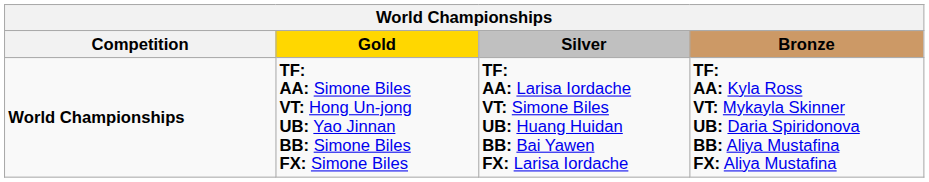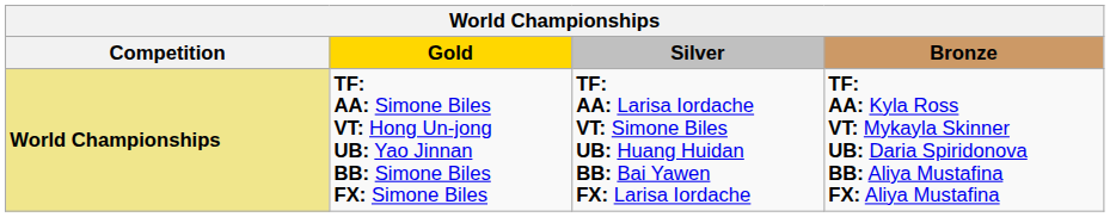 <table class="wikitable" style="width:70%;">
 <tr>
 <th colspan=4>World Championships</th>
 </tr>
 <tr>
 <th style="text-align:center; width:5%;">Competition</th>
 <td style="text-align:center; width:5%; background:gold;"><strong>Gold</strong></td>
 <td style="text-align:center; width:5%; background:silver;"><strong>Silver</strong></td>
 <td style="text-align:center; width:5%; background:#c96;"><strong>Bronze</strong></td>
 </tr>
 <tr>
-<td><strong>World Championships</strong></td>
+<td style="background: khaki;"><strong>World Championships</strong></td>
 <td><strong>TF:</strong>  <br> <strong>AA:</strong>  <a href='#'>Simone Biles</a> <br> <strong>VT:</strong>  <a href='#'>Hong Un-jong</a> <br> <strong>UB:</strong>  <a href='#'>Yao Jinnan</a> <br> <strong>BB:</strong>  <a href='#'>Simone Biles</a> <br> <strong>FX:</strong>  <a href='#'>Simone Biles</a></td>
 <td><strong>TF:</strong>  <br> <strong>AA:</strong>  <a href='#'>Larisa Iordache</a> <br> <strong>VT:</strong>  <a href='#'>Simone Biles</a> <br> <strong>UB:</strong>  <a href='#'>Huang Huidan</a> <br> <strong>BB:</strong>  <a href='#'>Bai Yawen</a> <br> <strong>FX:</strong>  <a href='#'>Larisa Iordache</a></td>
 <td><strong>TF:</strong>  <br> <strong>AA:</strong>  <a href='#'>Kyla Ross</a> <br> <strong>VT:</strong>  <a href='#'>Mykayla Skinner</a> <br> <strong>UB:</strong>  <a href='#'>Daria Spiridonova</a> <br> <strong>BB:</strong>  <a href='#'>Aliya Mustafina</a> <br> <strong>FX:</strong>  <a href='#'>Aliya Mustafina</a></td>
 </tr>
 </table>
